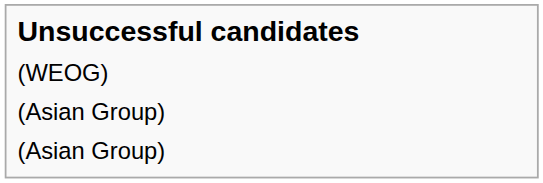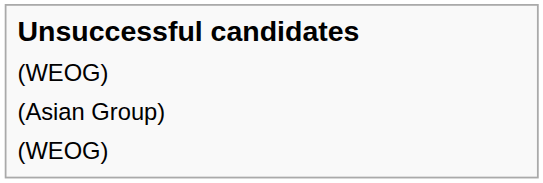 <table class="infobox" style="width:300px;">
 <tr>
 <td><strong>Unsuccessful candidates</strong></td>
 </tr>
 <tr>
 <td> <small>(WEOG)</small></td>
 </tr>
 <tr>
 <td> <small>(Asian Group)</small></td>
 </tr>
 <tr>
-<td> <small>(Asian Group)</small></td>
+<td> <small>(WEOG)</small></td>
 </tr>
 </table>
